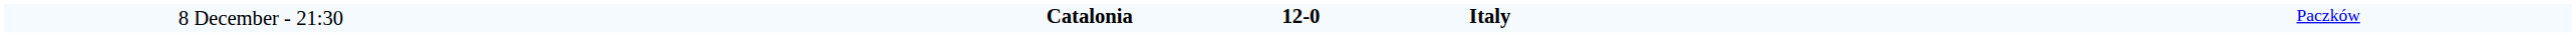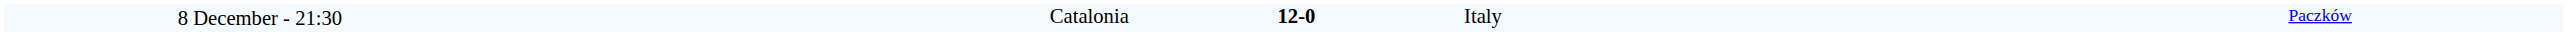 <table style="width: 100%; background:#F5FAFF;" cellspacing="0">
 <tr>
 <td align=center rowspan=3 width=20%>8 December - 21:30</td>
 </tr>
 <tr>
-<td width=24% align=right><strong>Catalonia</strong></td>
+<td width=24% align=right>Catalonia</td>
 <td align=center width=13%><strong>12-0</strong></td>
-<td width=24%><strong>Italy</strong></td>
+<td width=24%>Italy</td>
 <td style=font-size:85% rowspan=3 valign=top align=center><a href='#'>Paczków</a></td>
 </tr>
 <tr style=font-size:85%>
 <td align=right valign=top></td>
 <td></td>
 <td></td>
 </tr>
 </table>
